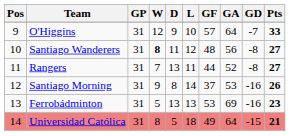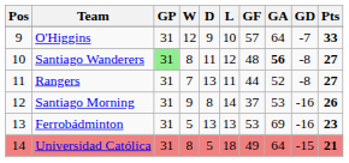 <table class="wikitable sortable">
 <tr>
 <th>Pos</th>
 <th>Team</th>
 <th>GP</th>
 <th>W</th>
 <th>D</th>
 <th>L</th>
 <th>GF</th>
 <th>GA</th>
 <th>GD</th>
 <th>Pts</th>
 </tr>
 <tr align=center>
 </tr>
 <tr align=center>
 <td>9</td>
 <td align=left><a href='#'>O'Higgins</a></td>
 <td>31</td>
 <td>12</td>
 <td>9</td>
 <td>10</td>
 <td>57</td>
 <td>64</td>
 <td>-7</td>
 <td><strong>33</strong></td>
 </tr>
 <tr align=center>
 <td>10</td>
 <td align=left><a href='#'>Santiago Wanderers</a></td>
-<td>31</td>
-<td><strong>8</strong></td>
+<td style="background: lightgreen;">31</td>
+<td>8</td>
 <td>11</td>
 <td>12</td>
 <td>48</td>
-<td>56</td>
+<td><strong>56</strong></td>
 <td>-8</td>
 <td><strong>27</strong></td>
 </tr>
 <tr align=center>
 <td>11</td>
 <td align=left><a href='#'>Rangers</a></td>
 <td>31</td>
 <td>7</td>
 <td>13</td>
 <td>11</td>
 <td>44</td>
 <td>52</td>
 <td>-8</td>
 <td><strong>27</strong></td>
 </tr>
 <tr align=center>
 <td>12</td>
 <td align=left><a href='#'>Santiago Morning</a></td>
 <td>31</td>
 <td>9</td>
 <td>8</td>
 <td>14</td>
 <td>37</td>
 <td>53</td>
 <td>-16</td>
 <td><strong>26</strong></td>
 </tr>
 <tr align=center>
 <td>13</td>
 <td align=left><a href='#'>Ferrobádminton</a></td>
 <td>31</td>
 <td>5</td>
 <td>13</td>
 <td>13</td>
 <td>53</td>
 <td>69</td>
 <td>-16</td>
 <td><strong>23</strong></td>
 </tr>
 <tr align=center style="background:#F08080;">
 <td>14</td>
 <td align=left><a href='#'>Universidad Católica</a></td>
 <td>31</td>
 <td>8</td>
 <td>5</td>
 <td>18</td>
 <td>49</td>
 <td>64</td>
 <td>-15</td>
 <td><strong>21</strong></td>
 </tr>
 </table>
